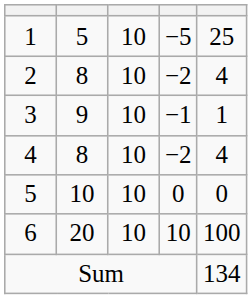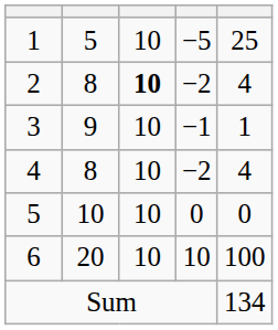 <table class="wikitable" style="text-align:center;">
 <tr>
 <th style="padding:0 1em;"></th>
 <th style="padding:0 1em;"></th>
 <th style="padding:0 1em;"></th>
 <th></th>
 <th></th>
 </tr>
 <tr>
 <td>1</td>
 <td>5</td>
 <td>10</td>
 <td>−5</td>
 <td>25</td>
 </tr>
 <tr>
 <td>2</td>
 <td>8</td>
-<td>10</td>
+<td><strong>10</strong></td>
 <td>−2</td>
 <td>4</td>
 </tr>
 <tr>
 <td>3</td>
 <td>9</td>
 <td>10</td>
 <td>−1</td>
 <td>1</td>
 </tr>
 <tr>
 <td>4</td>
 <td>8</td>
 <td>10</td>
 <td>−2</td>
 <td>4</td>
 </tr>
 <tr>
 <td>5</td>
 <td>10</td>
 <td>10</td>
 <td>0</td>
 <td>0</td>
 </tr>
 <tr>
 <td>6</td>
 <td>20</td>
 <td>10</td>
 <td>10</td>
 <td>100</td>
 </tr>
 <tr>
 <td colspan="4">Sum</td>
 <td>134</td>
 </tr>
 </table>
